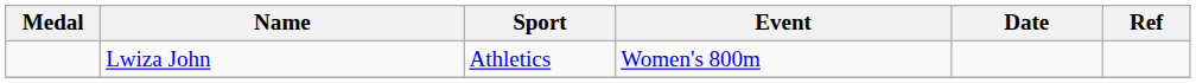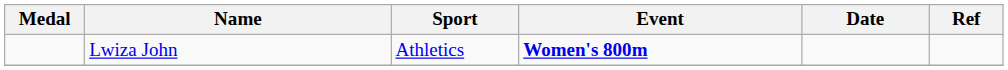 <table class="wikitable sortable" style="font-size:100%">
 <tr>
 <th width="60">Medal</th>
 <th width="250">Name</th>
 <th width="100">Sport</th>
 <th width="230">Event</th>
 <th width="100">Date</th>
 <th width="55">Ref</th>
 </tr>
 <tr>
 <td></td>
 <td><a href='#'>Lwiza John</a></td>
 <td><a href='#'>Athletics</a></td>
-<td><a href='#'>Women's 800m</a></td>
+<td><strong><a href='#'>Women's 800m</a></strong></td>
 <td></td>
 <td></td>
 </tr>
 <tr>
 </tr>
 </table>
